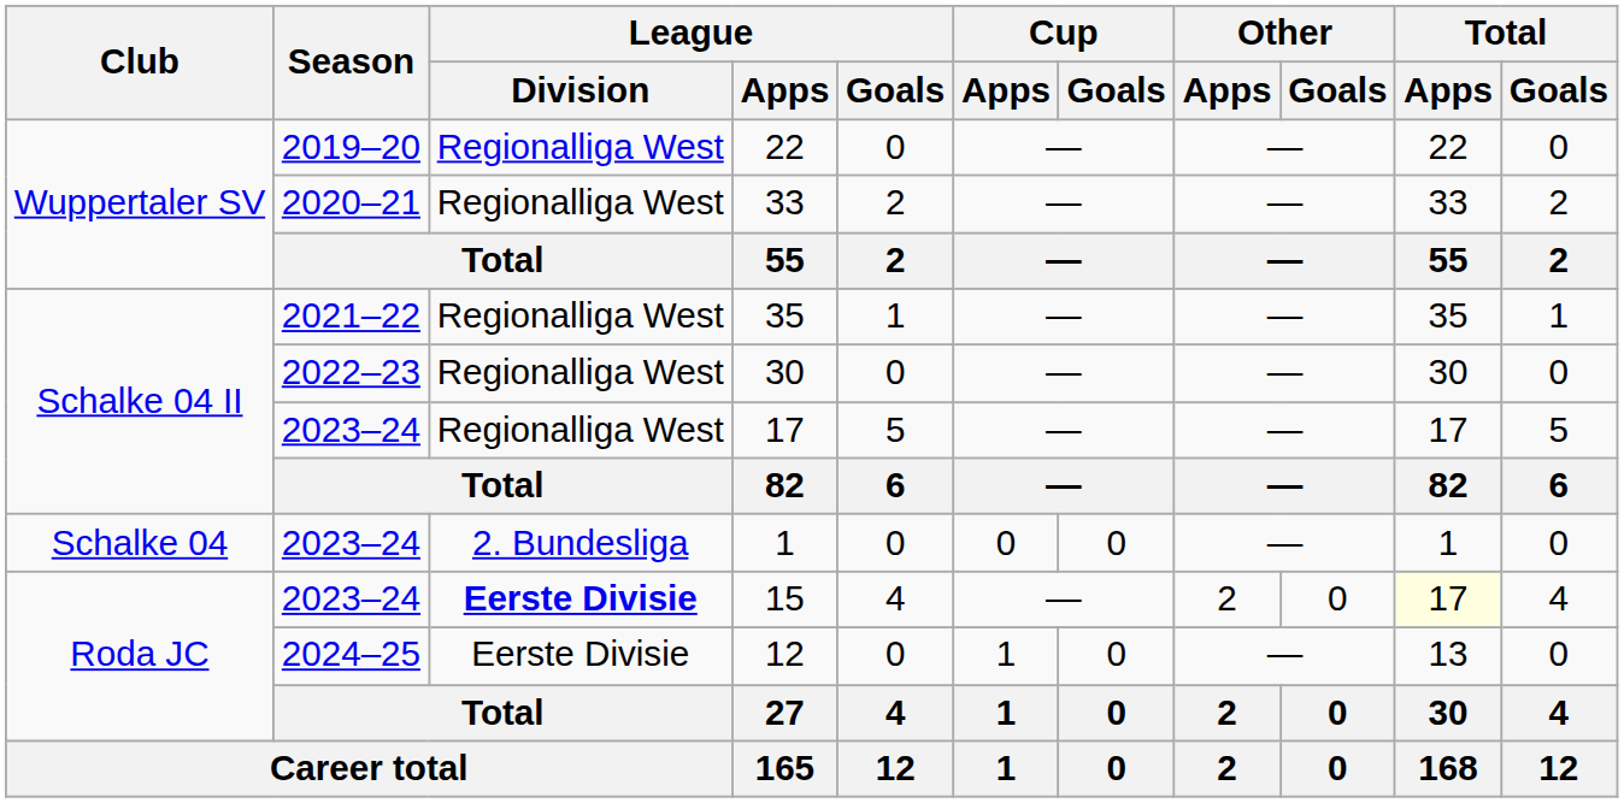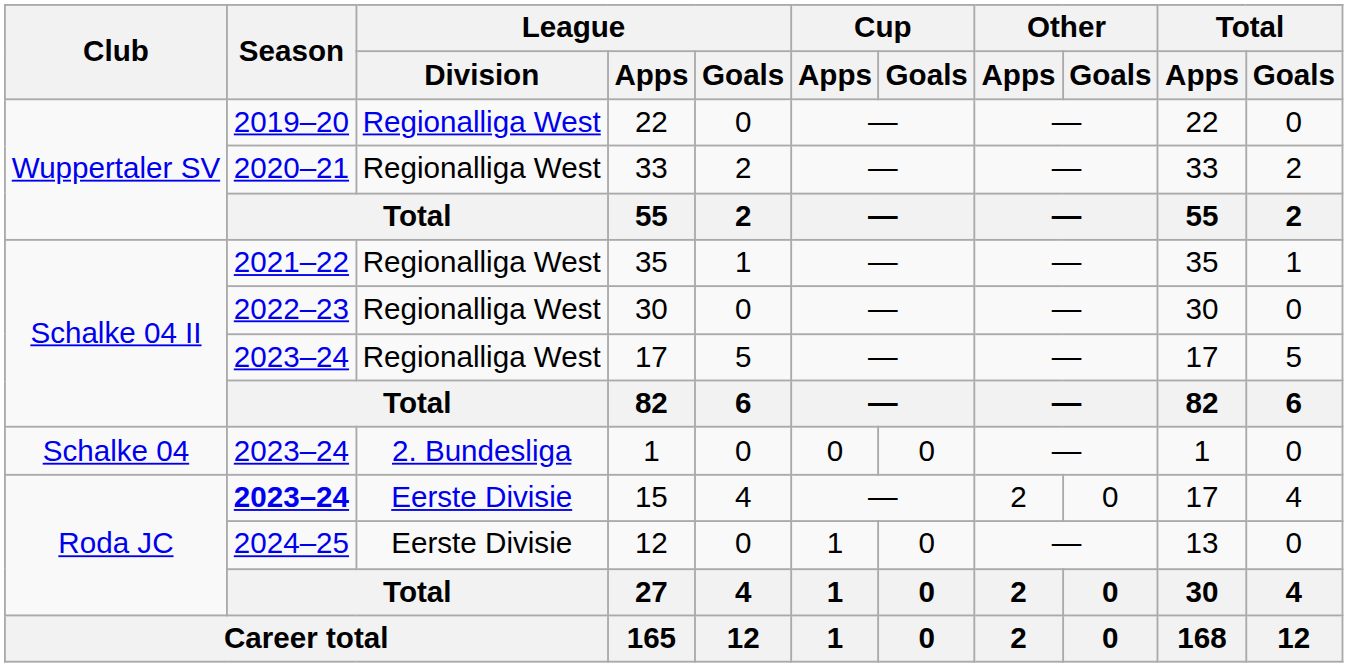 <table class="wikitable" style="text-align:center">
 <tr>
 <th rowspan="2">Club</th>
 <th rowspan="2">Season</th>
 <th colspan="3">League</th>
 <th colspan="2">Cup</th>
 <th colspan="2">Other</th>
 <th colspan="2">Total</th>
 </tr>
 <tr>
 <th>Division</th>
 <th>Apps</th>
 <th>Goals</th>
 <th>Apps</th>
 <th>Goals</th>
 <th>Apps</th>
 <th>Goals</th>
 <th>Apps</th>
 <th>Goals</th>
 </tr>
 <tr>
 <td rowspan="3"><a href='#'>Wuppertaler SV</a></td>
 <td><a href='#'>2019–20</a></td>
 <td><a href='#'>Regionalliga West</a></td>
 <td>22</td>
 <td>0</td>
 <td colspan="2">—</td>
 <td colspan="2">—</td>
 <td>22</td>
 <td>0</td>
 </tr>
 <tr>
 <td><a href='#'>2020–21</a></td>
 <td>Regionalliga West</td>
 <td>33</td>
 <td>2</td>
 <td colspan="2">—</td>
 <td colspan="2">—</td>
 <td>33</td>
 <td>2</td>
 </tr>
 <tr>
 <th colspan="2">Total</th>
 <th>55</th>
 <th>2</th>
 <th colspan="2">—</th>
 <th colspan="2">—</th>
 <th>55</th>
 <th>2</th>
 </tr>
 <tr>
 <td rowspan="4"><a href='#'>Schalke 04 II</a></td>
 <td><a href='#'>2021–22</a></td>
 <td>Regionalliga West</td>
 <td>35</td>
 <td>1</td>
 <td colspan="2">—</td>
 <td colspan="2">—</td>
 <td>35</td>
 <td>1</td>
 </tr>
 <tr>
 <td><a href='#'>2022–23</a></td>
 <td>Regionalliga West</td>
 <td>30</td>
 <td>0</td>
 <td colspan="2">—</td>
 <td colspan="2">—</td>
 <td>30</td>
 <td>0</td>
 </tr>
 <tr>
 <td><a href='#'>2023–24</a></td>
 <td>Regionalliga West</td>
 <td>17</td>
 <td>5</td>
 <td colspan="2">—</td>
 <td colspan="2">—</td>
 <td>17</td>
 <td>5</td>
 </tr>
 <tr>
 <th colspan="2">Total</th>
 <th>82</th>
 <th>6</th>
 <th colspan="2">—</th>
 <th colspan="2">—</th>
 <th>82</th>
 <th>6</th>
 </tr>
 <tr>
 <td><a href='#'>Schalke 04</a></td>
 <td><a href='#'>2023–24</a></td>
 <td><a href='#'>2. Bundesliga</a></td>
 <td>1</td>
 <td>0</td>
 <td>0</td>
 <td>0</td>
 <td colspan="2">—</td>
 <td>1</td>
 <td>0</td>
 </tr>
 <tr>
 <td rowspan="3"><a href='#'>Roda JC</a></td>
-<td><a href='#'>2023–24</a></td>
-<td><strong><a href='#'>Eerste Divisie</a></strong></td>
+<td><strong><a href='#'>2023–24</a></strong></td>
+<td><a href='#'>Eerste Divisie</a></td>
 <td>15</td>
 <td>4</td>
 <td colspan="2">—</td>
 <td>2</td>
 <td>0</td>
-<td style="background: lightyellow;">17</td>
+<td>17</td>
 <td>4</td>
 </tr>
 <tr>
 <td><a href='#'>2024–25</a></td>
 <td>Eerste Divisie</td>
 <td>12</td>
 <td>0</td>
 <td>1</td>
 <td>0</td>
 <td colspan="2">—</td>
 <td>13</td>
 <td>0</td>
 </tr>
 <tr>
 <th colspan="2">Total</th>
 <th>27</th>
 <th>4</th>
 <th>1</th>
 <th>0</th>
 <th>2</th>
 <th>0</th>
 <th>30</th>
 <th>4</th>
 </tr>
 <tr>
 <th colspan="3">Career total</th>
 <th>165</th>
 <th>12</th>
 <th>1</th>
 <th>0</th>
 <th>2</th>
 <th>0</th>
 <th>168</th>
 <th>12</th>
 </tr>
 </table>
